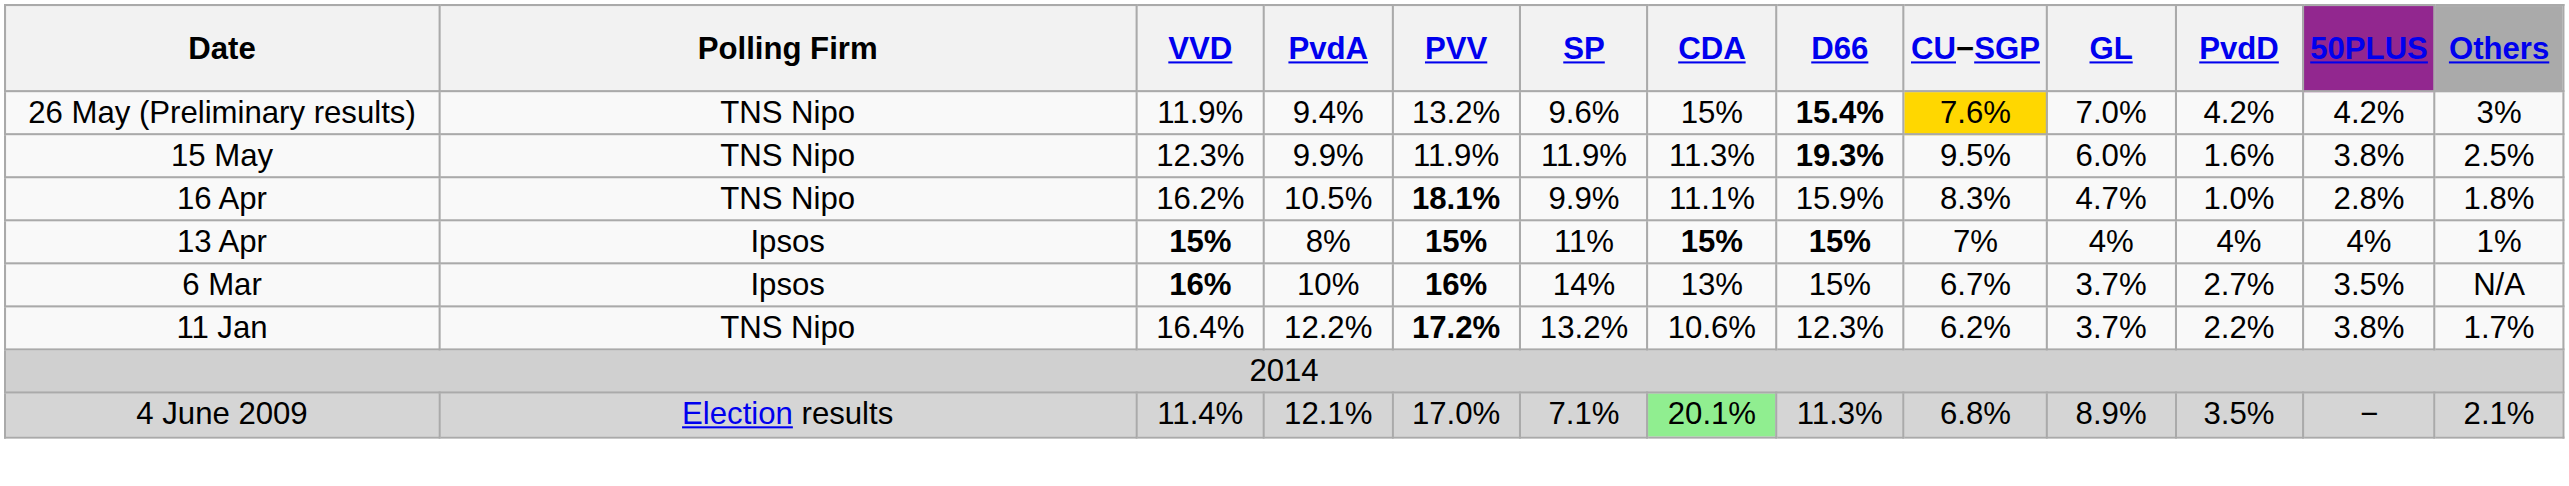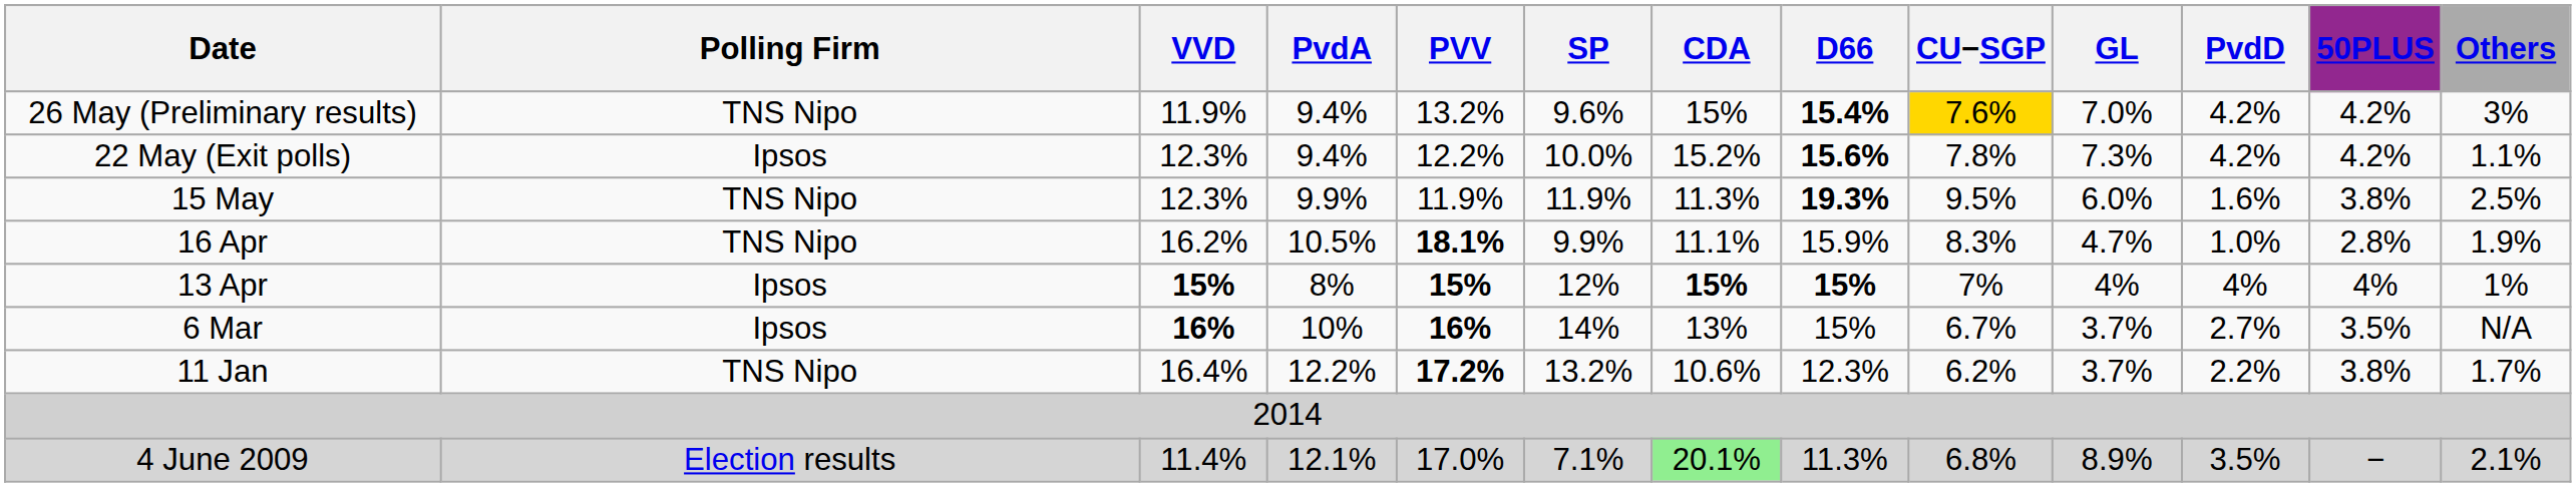 <table class="wikitable sortable" style="text-align:center;font-size:95%;line-height:14px">
 <tr style="height:42px; background:#e9e9e9;">
 <th style="width:100px;">Date</th>
 <th style="width:165px;">Polling Firm</th>
 <th class="unsortable" style="width:5%; background:"><a href='#'><span>VVD</span></a></th>
 <th class="unsortable" style="width:5%; background:"><a href='#'><span>PvdA</span></a></th>
 <th class="unsortable" style="width:5%; background:"><a href='#'><span>PVV</span></a></th>
 <th class="unsortable" style="width:5%; background:"><a href='#'><span>SP</span></a></th>
 <th class="unsortable" style="width:5%; background:"><a href='#'><span>CDA</span></a></th>
 <th class="unsortable" style="width:5%; background:"><a href='#'><span>D66</span></a></th>
 <th class="unsortable" style="width:5%; background:"><a href='#'><span>CU</span></a><span>−</span><a href='#'><span>SGP</span></a></th>
 <th class="unsortable" style="width:5%; background:"><a href='#'><span>GL</span></a></th>
 <th class="unsortable" style="width:5%; background:"><a href='#'><span>PvdD</span></a></th>
 <th class="unsortable" style="width:5%; background:#92278F;"><a href='#'><span>50PLUS</span></a></th>
 <th class="unsortable" style="width:5%; background:#aaa;"><a href='#'><span>Others</span></a></th>
 </tr>
 <tr>
 <td>26 May (Preliminary results)</td>
 <td>TNS Nipo</td>
 <td>11.9%</td>
 <td>9.4%</td>
 <td>13.2%</td>
 <td>9.6%</td>
 <td>15%</td>
 <td style="background: "><strong>15.4%</strong></td>
 <td style="background: gold;">7.6%</td>
 <td>7.0%</td>
 <td>4.2%</td>
 <td>4.2%</td>
 <td>3%</td>
 </tr>
 <tr>
+<td>22 May (Exit polls)</td>
+<td>Ipsos</td>
+<td>12.3%</td>
+<td>9.4%</td>
+<td>12.2%</td>
+<td>10.0%</td>
+<td>15.2%</td>
+<td style="background:"><strong>15.6%</strong></td>
+<td>7.8%</td>
+<td>7.3%</td>
+<td>4.2%</td>
+<td>4.2%</td>
+<td>1.1%</td>
+</tr>
+<tr>
 <td>15 May</td>
 <td>TNS Nipo</td>
 <td>12.3%</td>
 <td>9.9%</td>
 <td>11.9%</td>
 <td>11.9%</td>
 <td>11.3%</td>
 <td style="background:"><strong>19.3%</strong></td>
 <td>9.5%</td>
 <td>6.0%</td>
 <td>1.6%</td>
 <td>3.8%</td>
 <td>2.5%</td>
 </tr>
 <tr>
 <td>16 Apr</td>
 <td>TNS Nipo</td>
 <td>16.2%</td>
 <td>10.5%</td>
 <td style="background:"><strong>18.1%</strong></td>
 <td>9.9%</td>
 <td>11.1%</td>
 <td>15.9%</td>
 <td>8.3%</td>
 <td>4.7%</td>
 <td>1.0%</td>
 <td>2.8%</td>
-<td>1.8%</td>
+<td>1.9%</td>
 </tr>
 <tr>
 <td>13 Apr</td>
 <td>Ipsos</td>
 <td><strong>15%</strong></td>
 <td>8%</td>
 <td><strong>15%</strong></td>
-<td>11%</td>
+<td>12%</td>
 <td><strong>15%</strong></td>
 <td><strong>15%</strong></td>
 <td>7%</td>
 <td>4%</td>
 <td>4%</td>
 <td>4%</td>
 <td>1%</td>
 </tr>
 <tr>
 <td>6 Mar</td>
 <td>Ipsos</td>
 <td><strong>16%</strong></td>
 <td>10%</td>
 <td><strong>16%</strong></td>
 <td>14%</td>
 <td>13%</td>
 <td>15%</td>
 <td>6.7%</td>
 <td>3.7%</td>
 <td>2.7%</td>
 <td>3.5%</td>
 <td>N/A</td>
 </tr>
 <tr>
 <td>11 Jan</td>
 <td>TNS Nipo</td>
 <td>16.4%</td>
 <td>12.2%</td>
 <td style="background:"><strong>17.2%</strong></td>
 <td>13.2%</td>
 <td>10.6%</td>
 <td>12.3%</td>
 <td>6.2%</td>
 <td>3.7%</td>
 <td>2.2%</td>
 <td>3.8%</td>
 <td>1.7%</td>
 </tr>
 <tr>
 <td colspan="13" style="background:#D0D0D0; color:black">2014</td>
 </tr>
 <tr>
 <td style="background:#D5D5D5">4 June 2009</td>
 <td style="background:#D5D5D5"><a href='#'>Election</a> results</td>
 <td style="background:#D5D5D5">11.4%</td>
 <td style="background:#D5D5D5">12.1%</td>
 <td style="background:#D5D5D5">17.0%</td>
 <td style="background:#D5D5D5">7.1%</td>
 <td style="background:lightgreen">20.1%</td>
 <td style="background:#D5D5D5">11.3%</td>
 <td style="background:#D5D5D5">6.8%</td>
 <td style="background:#D5D5D5">8.9%</td>
 <td style="background:#D5D5D5">3.5%</td>
 <td style="background:#D5D5D5">−</td>
 <td style="background:#D5D5D5">2.1%</td>
 </tr>
 </table>
